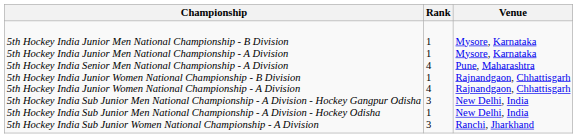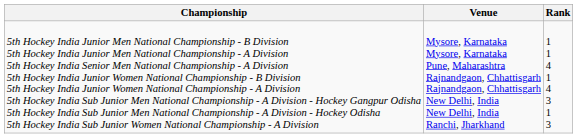 <table class="wikitable" style="text-align: left;">
 <tr>
 <th>Championship</th>
+<th>Venue</th>
 <th>Rank</th>
-<th>Venue</th>
 </tr>
 <tr>
 <td><br><em>5th Hockey India Junior Men National Championship - B Division</em> <br> <em>5th Hockey India Junior Men National Championship - A Division</em> <br> <em>5th Hockey India Senior Men National Championship - A Division</em> <br> <em>5th Hockey India Junior Women National Championship - B Division</em> <br> <em>5th Hockey India Junior Women National Championship - A Division</em> <br> <em>5th Hockey India Sub Junior Men National Championship - A Division - Hockey Gangpur Odisha</em> <br> <em>5th Hockey India Sub Junior Men National Championship - A Division - Hockey Odisha</em> <br>  <em>5th Hockey India Sub Junior Women National Championship - A Division</em></td>
+<td><br><a href='#'>Mysore</a>, <a href='#'>Karnataka</a><br> <a href='#'>Mysore</a>, <a href='#'>Karnataka</a><br> <a href='#'>Pune</a>, <a href='#'>Maharashtra</a><br> <a href='#'>Rajnandgaon</a>, <a href='#'>Chhattisgarh</a><br> <a href='#'>Rajnandgaon</a>, <a href='#'>Chhattisgarh</a><br> <a href='#'>New Delhi</a>, <a href='#'>India</a> <br> <a href='#'>New Delhi</a>, <a href='#'>India</a> <br> <a href='#'>Ranchi</a>, <a href='#'>Jharkhand</a></td>
 <td><div><br>1 <br> 1 <br> 4 <br> 1 <br> 4 <br> 3 <br> 1 <br> 3</div></td>
-<td><br><a href='#'>Mysore</a>, <a href='#'>Karnataka</a><br> <a href='#'>Mysore</a>, <a href='#'>Karnataka</a><br> <a href='#'>Pune</a>, <a href='#'>Maharashtra</a><br> <a href='#'>Rajnandgaon</a>, <a href='#'>Chhattisgarh</a><br> <a href='#'>Rajnandgaon</a>, <a href='#'>Chhattisgarh</a><br> <a href='#'>New Delhi</a>, <a href='#'>India</a> <br> <a href='#'>New Delhi</a>, <a href='#'>India</a> <br> <a href='#'>Ranchi</a>, <a href='#'>Jharkhand</a></td>
 </tr>
 </table>
